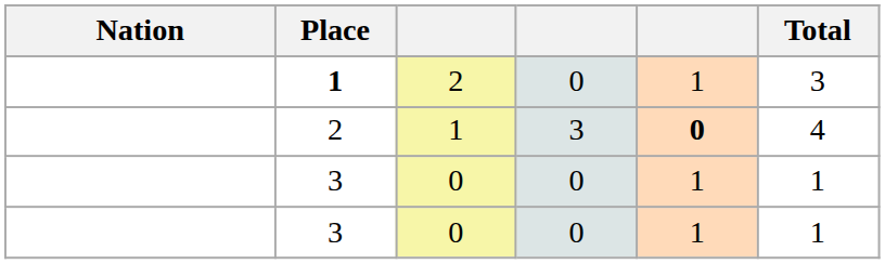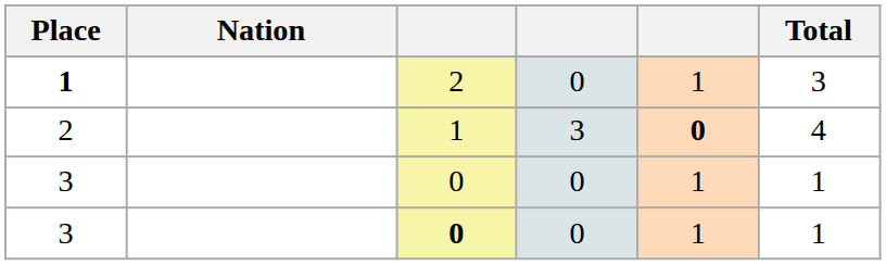 <table class=wikitable style="border:1px solid #AAAAAA;font-size:90%">
 <tr bgcolor="#EFEFEF">
+<th width=50>Place</th>
 <th width=120>Nation</th>
-<th width=50>Place</th>
 <th width=50></th>
 <th width=50></th>
 <th width=50></th>
 <th width=50>Total</th>
 </tr>
 <tr align="center" valign="top" bgcolor="#FFFFFF">
+<td><strong>1</strong></td>
 <td align="left"><strong></strong></td>
-<td><strong>1</strong></td>
 <td style="background:#F7F6A8;">2</td>
 <td style="background:#DCE5E5;">0</td>
 <td style="background:#FFDAB9;">1</td>
 <td>3</td>
 </tr>
 <tr align="center" valign="top" bgcolor="#FFFFFF">
+<td>2</td>
 <td align="left"></td>
-<td>2</td>
 <td style="background:#F7F6A8;">1</td>
 <td style="background:#DCE5E5;">3</td>
 <td style="background:#FFDAB9;"><strong>0</strong></td>
 <td>4</td>
 </tr>
 <tr align="center" valign="top" bgcolor="#FFFFFF">
+<td>3</td>
 <td align="left"></td>
-<td>3</td>
 <td style="background:#F7F6A8;">0</td>
 <td style="background:#DCE5E5;">0</td>
 <td style="background:#FFDAB9;">1</td>
 <td>1</td>
 </tr>
 <tr align="center" valign="top" bgcolor="#FFFFFF">
+<td>3</td>
 <td align="left"></td>
-<td>3</td>
-<td style="background:#F7F6A8;">0</td>
+<td style="background:#F7F6A8;"><strong>0</strong></td>
 <td style="background:#DCE5E5;">0</td>
 <td style="background:#FFDAB9;">1</td>
 <td>1</td>
 </tr>
 </table>
